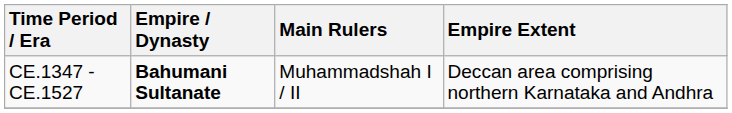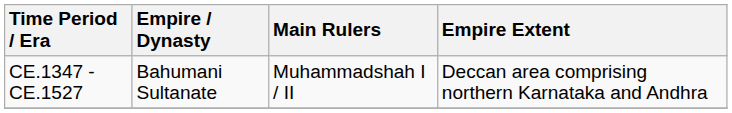 <table class="wikitable">
 <tr>
 <th style="text-align: left;">Time Period / Era</th>
 <th style="text-align: left;">Empire / Dynasty</th>
 <th style="text-align: left;">Main Rulers</th>
 <th style="text-align: left;">Empire Extent</th>
 </tr>
 <tr>
 <td>CE.1347 - CE.1527</td>
-<td><strong>Bahumani Sultanate</strong></td>
+<td>Bahumani Sultanate</td>
 <td>Muhammadshah I / II</td>
 <td>Deccan area comprising northern Karnataka and Andhra</td>
 </tr>
 <tr>
 </tr>
 </table>
